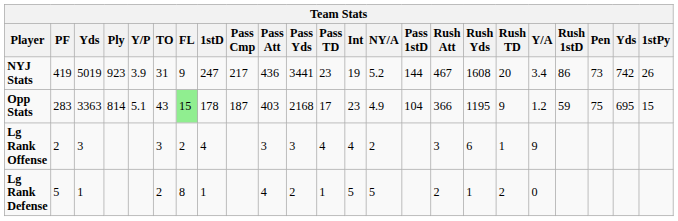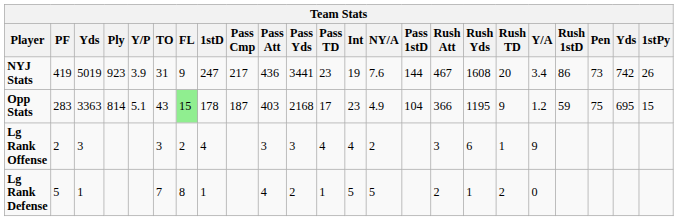 <table class="wikitable">
 <tr>
 <th colspan="23">Team Stats</th>
 </tr>
 <tr>
 <th>Player</th>
 <th>PF</th>
 <th>Yds</th>
 <th>Ply</th>
 <th>Y/P</th>
 <th>TO</th>
 <th>FL</th>
 <th>1stD</th>
 <th>Pass Cmp</th>
 <th>Pass Att</th>
 <th>Pass Yds</th>
 <th>Pass TD</th>
 <th>Int</th>
 <th>NY/A</th>
 <th>Pass 1stD</th>
 <th>Rush Att</th>
 <th>Rush Yds</th>
 <th>Rush TD</th>
 <th>Y/A</th>
 <th>Rush 1stD</th>
 <th>Pen</th>
 <th>Yds</th>
 <th>1stPy</th>
 </tr>
 <tr>
 <td><strong>NYJ Stats</strong></td>
 <td>419</td>
 <td>5019</td>
 <td>923</td>
 <td>3.9</td>
 <td>31</td>
 <td>9</td>
 <td>247</td>
 <td>217</td>
 <td>436</td>
 <td>3441</td>
 <td>23</td>
 <td>19</td>
-<td>5.2</td>
+<td>7.6</td>
 <td>144</td>
 <td>467</td>
 <td>1608</td>
 <td>20</td>
 <td>3.4</td>
 <td>86</td>
 <td>73</td>
 <td>742</td>
 <td>26</td>
 </tr>
 <tr>
 <td><strong>Opp Stats</strong></td>
 <td>283</td>
 <td>3363</td>
 <td>814</td>
 <td>5.1</td>
 <td>43</td>
 <td style="background: lightgreen;">15</td>
 <td>178</td>
 <td>187</td>
 <td>403</td>
 <td>2168</td>
 <td>17</td>
 <td>23</td>
 <td>4.9</td>
 <td>104</td>
 <td>366</td>
 <td>1195</td>
 <td>9</td>
 <td>1.2</td>
 <td>59</td>
 <td>75</td>
 <td>695</td>
 <td>15</td>
 </tr>
 <tr>
 <td><strong>Lg Rank Offense</strong></td>
 <td>2</td>
 <td>3</td>
 <td></td>
 <td></td>
 <td>3</td>
 <td>2</td>
 <td>4</td>
 <td></td>
 <td>3</td>
 <td>3</td>
 <td>4</td>
 <td>4</td>
 <td>2</td>
 <td></td>
 <td>3</td>
 <td>6</td>
 <td>1</td>
 <td>9</td>
 <td></td>
 <td></td>
 <td></td>
 <td></td>
 </tr>
 <tr>
 <td><strong>Lg Rank Defense</strong></td>
 <td>5</td>
 <td>1</td>
 <td></td>
 <td></td>
-<td>2</td>
+<td>7</td>
 <td>8</td>
 <td>1</td>
 <td></td>
 <td>4</td>
 <td>2</td>
 <td>1</td>
 <td>5</td>
 <td>5</td>
 <td></td>
 <td>2</td>
 <td>1</td>
 <td>2</td>
 <td>0</td>
 <td></td>
 <td></td>
 <td></td>
 <td></td>
 </tr>
 </table>
